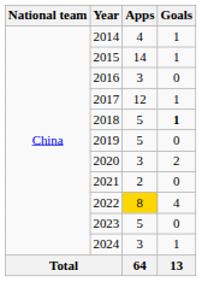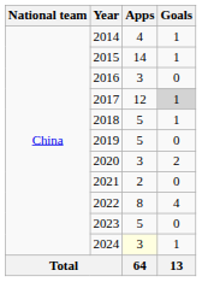 <table class="wikitable" style="text-align:center">
 <tr>
 <th>National team</th>
 <th>Year</th>
 <th>Apps</th>
 <th>Goals</th>
 </tr>
 <tr>
 <td rowspan="11"><a href='#'>China</a></td>
 <td>2014</td>
 <td>4</td>
 <td>1</td>
 </tr>
 <tr>
 <td>2015</td>
 <td>14</td>
 <td>1</td>
 </tr>
 <tr>
 <td>2016</td>
 <td>3</td>
 <td>0</td>
 </tr>
 <tr>
 <td>2017</td>
 <td>12</td>
-<td>1</td>
+<td style="background: lightgrey;">1</td>
 </tr>
 <tr>
 <td>2018</td>
 <td>5</td>
-<td><strong>1</strong></td>
+<td>1</td>
 </tr>
 <tr>
 <td>2019</td>
 <td>5</td>
 <td>0</td>
 </tr>
 <tr>
 <td>2020</td>
 <td>3</td>
 <td>2</td>
 </tr>
 <tr>
 <td>2021</td>
 <td>2</td>
 <td>0</td>
 </tr>
 <tr>
 <td>2022</td>
-<td style="background: gold;">8</td>
+<td>8</td>
 <td>4</td>
 </tr>
 <tr>
 <td>2023</td>
 <td>5</td>
 <td>0</td>
 </tr>
 <tr>
 <td>2024</td>
-<td>3</td>
+<td style="background: lightyellow;">3</td>
 <td>1</td>
 </tr>
 <tr>
 <th colspan="2">Total</th>
 <th>64</th>
 <th>13</th>
 </tr>
 </table>
